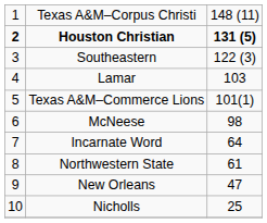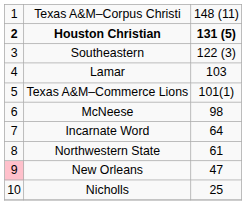 <table class="wikitable">
 <tr align="center">
 <td>1</td>
 <td>Texas A&M–Corpus Christi</td>
 <td>148 (11)</td>
 </tr>
 <tr align="center">
 <td><strong>2</strong></td>
 <td><strong>Houston Christian</strong></td>
 <td><strong>131 (5)</strong></td>
 </tr>
 <tr align="center">
 <td>3</td>
 <td>Southeastern</td>
 <td>122 (3)</td>
 </tr>
 <tr align="center">
 <td>4</td>
 <td>Lamar</td>
 <td>103</td>
 </tr>
 <tr align="center">
 <td>5</td>
 <td>Texas A&M–Commerce Lions</td>
 <td>101(1)</td>
 </tr>
 <tr align="center">
 <td>6</td>
 <td>McNeese</td>
 <td>98</td>
 </tr>
 <tr align="center">
 <td>7</td>
 <td>Incarnate Word</td>
 <td>64</td>
 </tr>
 <tr align="center">
 <td>8</td>
 <td>Northwestern State</td>
 <td>61</td>
 </tr>
 <tr align="center">
-<td>9</td>
+<td style="background: pink;">9</td>
 <td>New Orleans</td>
 <td>47</td>
 </tr>
 <tr align="center">
 <td>10</td>
 <td>Nicholls</td>
 <td>25</td>
 </tr>
 <tr align="center">
 </tr>
 </table>
